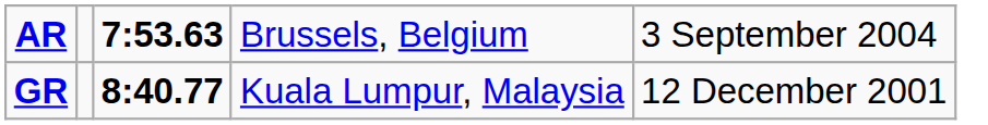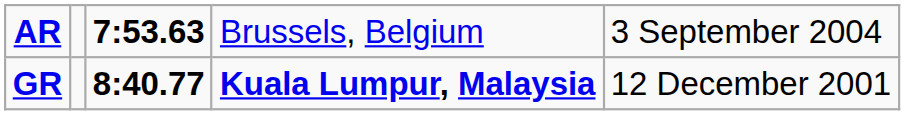 <table class="wikitable" style="font-size:95%; position:relative;">
 <tr>
 <td align=center><strong><a href='#'>AR</a></strong></td>
 <td></td>
 <td><strong>7:53.63</strong></td>
 <td><a href='#'>Brussels</a>, <a href='#'>Belgium</a></td>
 <td>3 September 2004</td>
 </tr>
 <tr>
 <td align=center><strong><a href='#'>GR</a></strong></td>
 <td></td>
 <td><strong>8:40.77</strong></td>
-<td><a href='#'>Kuala Lumpur</a>, <a href='#'>Malaysia</a></td>
+<td><strong><a href='#'>Kuala Lumpur</a>, <a href='#'>Malaysia</a></strong></td>
 <td>12 December 2001</td>
 </tr>
 </table>
